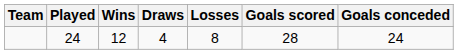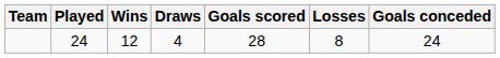 <table class="wikitable">
 <tr>
 <th>Team</th>
 <th>Played</th>
 <th>Wins</th>
 <th>Draws</th>
+<th>Goals scored</th>
 <th>Losses</th>
-<th>Goals scored</th>
 <th>Goals conceded</th>
 </tr>
 <tr align="center">
 <td align="left"></td>
 <td>24</td>
 <td>12</td>
 <td>4</td>
+<td>28</td>
 <td>8</td>
-<td>28</td>
 <td>24</td>
 </tr>
 </table>
